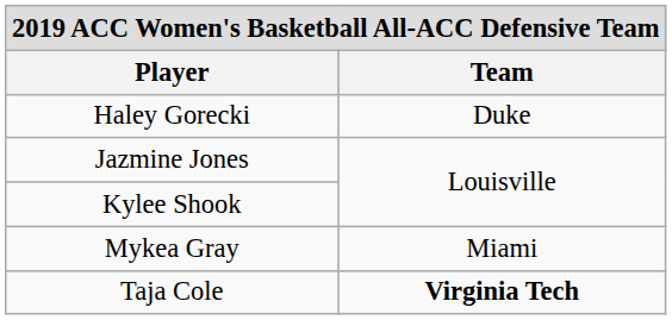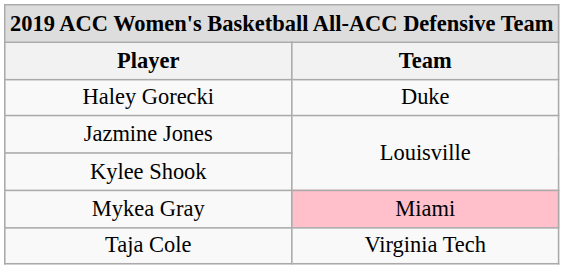 <table class="wikitable" style="white-space:nowrap; font-size:90%; text-align: center;">
 <tr>
 <td colspan="4" style="text-align:center; background:#ddd;"><strong>2019 ACC Women's Basketball All-ACC Defensive Team</strong></td>
 </tr>
 <tr>
 <th>Player</th>
 <th>Team</th>
 </tr>
 <tr>
 <td>Haley Gorecki</td>
 <td>Duke</td>
 </tr>
 <tr>
 <td>Jazmine Jones</td>
 <td rowspan=2>Louisville</td>
 </tr>
 <tr>
 <td>Kylee Shook</td>
 </tr>
 <tr>
 <td>Mykea Gray</td>
-<td>Miami</td>
+<td style="background: pink;">Miami</td>
 </tr>
 <tr>
 <td>Taja Cole</td>
-<td><strong>Virginia Tech</strong></td>
+<td>Virginia Tech</td>
 </tr>
 </table>
